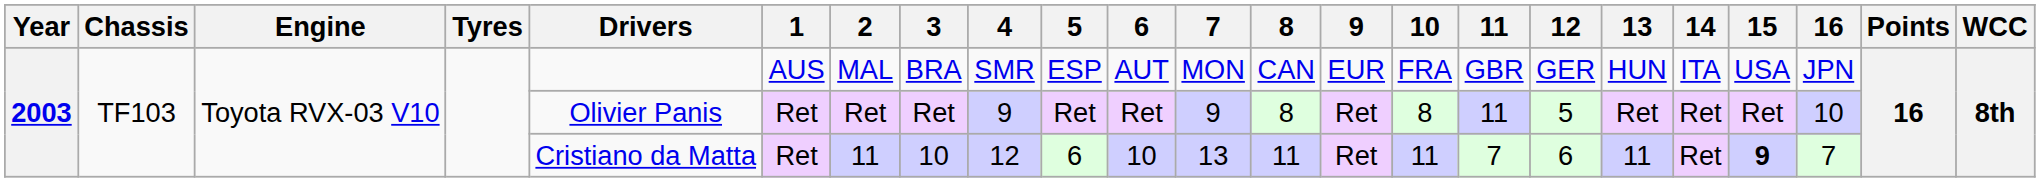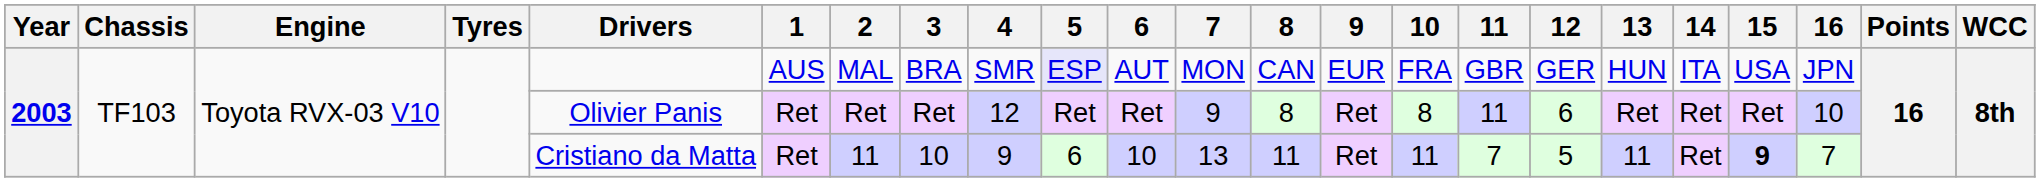 <table class="wikitable" style="text-align:center; font-size:95%">
 <tr>
 <th>Year</th>
 <th>Chassis</th>
 <th>Engine</th>
 <th>Tyres</th>
 <th>Drivers</th>
 <th>1</th>
 <th>2</th>
 <th>3</th>
 <th>4</th>
 <th>5</th>
 <th>6</th>
 <th>7</th>
 <th>8</th>
 <th>9</th>
 <th>10</th>
 <th>11</th>
 <th>12</th>
 <th>13</th>
 <th>14</th>
 <th>15</th>
 <th>16</th>
 <th>Points</th>
 <th>WCC</th>
 </tr>
 <tr>
 <th rowspan="3"><a href='#'>2003</a></th>
 <td rowspan="3">TF103</td>
 <td rowspan="3">Toyota RVX-03 <a href='#'>V10</a></td>
 <td rowspan="3"></td>
 <td></td>
 <td><a href='#'>AUS</a></td>
 <td><a href='#'>MAL</a></td>
 <td><a href='#'>BRA</a></td>
 <td><a href='#'>SMR</a></td>
-<td><a href='#'>ESP</a></td>
+<td style="background: lavender;"><a href='#'>ESP</a></td>
 <td><a href='#'>AUT</a></td>
 <td><a href='#'>MON</a></td>
 <td><a href='#'>CAN</a></td>
 <td><a href='#'>EUR</a></td>
 <td><a href='#'>FRA</a></td>
 <td><a href='#'>GBR</a></td>
 <td><a href='#'>GER</a></td>
 <td><a href='#'>HUN</a></td>
 <td><a href='#'>ITA</a></td>
 <td><a href='#'>USA</a></td>
 <td><a href='#'>JPN</a></td>
 <th rowspan="3">16</th>
 <th rowspan="3">8th</th>
 </tr>
 <tr>
 <td> <a href='#'>Olivier Panis</a></td>
 <td style="background:#EFCFFF;">Ret</td>
 <td style="background:#EFCFFF;">Ret</td>
 <td style="background:#EFCFFF;">Ret</td>
-<td style="background:#CFCFFF;">9</td>
+<td style="background:#CFCFFF;">12</td>
 <td style="background:#EFCFFF;">Ret</td>
 <td style="background:#EFCFFF;">Ret</td>
 <td style="background:#CFCFFF;">9</td>
 <td style="background:#DFFFDF;">8</td>
 <td style="background:#EFCFFF;">Ret</td>
 <td style="background:#DFFFDF;">8</td>
 <td style="background:#CFCFFF;">11</td>
-<td style="background:#DFFFDF;">5</td>
+<td style="background:#DFFFDF;">6</td>
 <td style="background:#EFCFFF;">Ret</td>
 <td style="background:#EFCFFF;">Ret</td>
 <td style="background:#EFCFFF;">Ret</td>
 <td style="background:#CFCFFF;">10</td>
 </tr>
 <tr>
 <td> <a href='#'>Cristiano da Matta</a></td>
 <td style="background:#EFCFFF;">Ret</td>
 <td style="background:#CFCFFF;">11</td>
 <td style="background:#CFCFFF;">10</td>
-<td style="background:#CFCFFF;">12</td>
+<td style="background:#CFCFFF;">9</td>
 <td style="background:#DFFFDF;">6</td>
 <td style="background:#CFCFFF;">10</td>
 <td style="background:#CFCFFF;">13</td>
 <td style="background:#CFCFFF;">11</td>
 <td style="background:#EFCFFF;">Ret</td>
 <td style="background:#CFCFFF;">11</td>
 <td style="background:#DFFFDF;">7</td>
-<td style="background:#DFFFDF;">6</td>
+<td style="background:#DFFFDF;">5</td>
 <td style="background:#CFCFFF;">11</td>
 <td style="background:#EFCFFF;">Ret</td>
 <td style="background:#CFCFFF;"><strong>9</strong></td>
 <td style="background:#DFFFDF;">7</td>
 </tr>
 </table>
